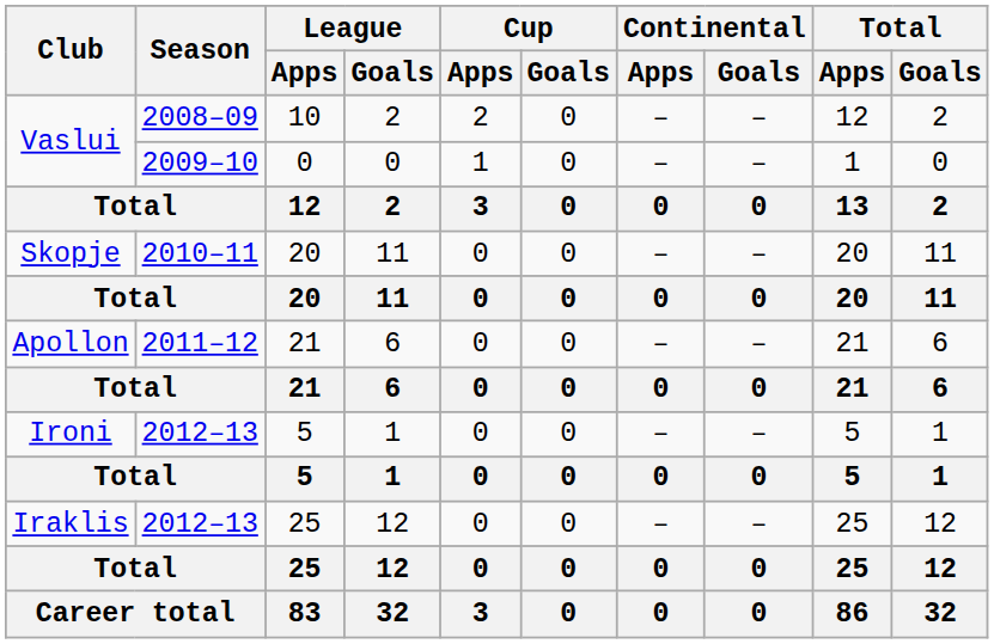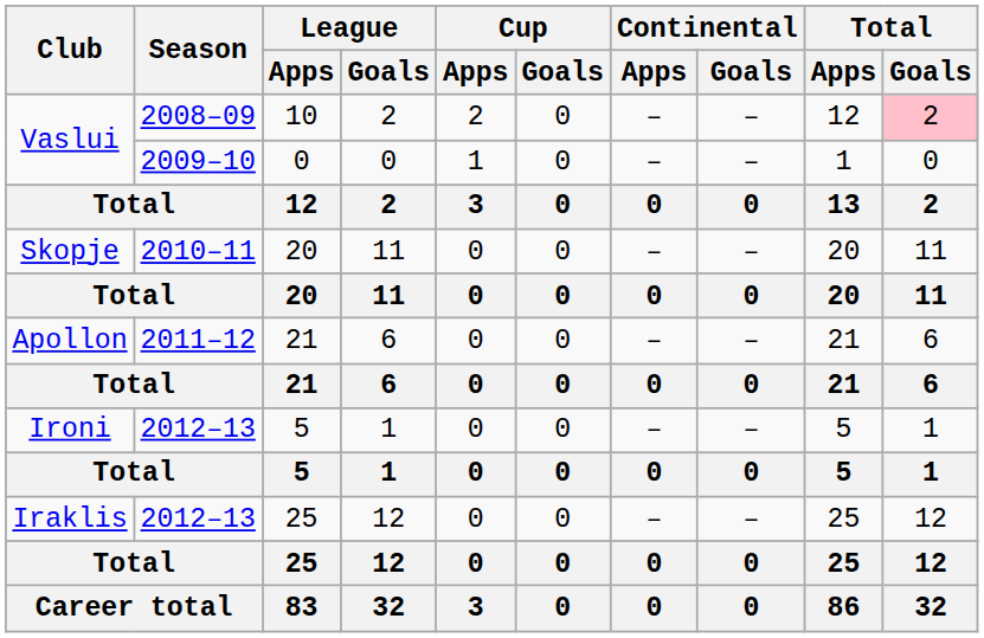 <table class="wikitable" style="text-align:center">
 <tr>
 <th rowspan=2>Club</th>
 <th rowspan=2>Season</th>
 <th colspan=2>League</th>
 <th colspan=2>Cup</th>
 <th colspan=2>Continental</th>
 <th colspan=2>Total</th>
 </tr>
 <tr>
 <th>Apps</th>
 <th>Goals</th>
 <th>Apps</th>
 <th>Goals</th>
 <th>Apps</th>
 <th>Goals</th>
 <th>Apps</th>
 <th>Goals</th>
 </tr>
 <tr>
 <td rowspan=2 valign="center"><a href='#'>Vaslui</a></td>
 <td><a href='#'>2008–09</a></td>
 <td>10</td>
 <td>2</td>
 <td>2</td>
 <td>0</td>
 <td>–</td>
 <td>–</td>
 <td>12</td>
-<td>2</td>
+<td style="background: pink;">2</td>
 </tr>
 <tr>
 <td><a href='#'>2009–10</a></td>
 <td>0</td>
 <td>0</td>
 <td>1</td>
 <td>0</td>
 <td>–</td>
 <td>–</td>
 <td>1</td>
 <td>0</td>
 </tr>
 <tr>
 <th colspan=2>Total</th>
 <th>12</th>
 <th>2</th>
 <th>3</th>
 <th>0</th>
 <th>0</th>
 <th>0</th>
 <th>13</th>
 <th>2</th>
 </tr>
 <tr>
 <td rowspan= valign="center"><a href='#'>Skopje</a></td>
 <td><a href='#'>2010–11</a></td>
 <td>20</td>
 <td>11</td>
 <td>0</td>
 <td>0</td>
 <td>–</td>
 <td>–</td>
 <td>20</td>
 <td>11</td>
 </tr>
 <tr>
 <th colspan=2>Total</th>
 <th>20</th>
 <th>11</th>
 <th>0</th>
 <th>0</th>
 <th>0</th>
 <th>0</th>
 <th>20</th>
 <th>11</th>
 </tr>
 <tr>
 <td rowspan= valign="center"><a href='#'>Apollon</a></td>
 <td><a href='#'>2011–12</a></td>
 <td>21</td>
 <td>6</td>
 <td>0</td>
 <td>0</td>
 <td>–</td>
 <td>–</td>
 <td>21</td>
 <td>6</td>
 </tr>
 <tr>
 <th colspan=2>Total</th>
 <th>21</th>
 <th>6</th>
 <th>0</th>
 <th>0</th>
 <th>0</th>
 <th>0</th>
 <th>21</th>
 <th>6</th>
 </tr>
 <tr>
 <td rowspan= valign="center"><a href='#'>Ironi</a></td>
 <td><a href='#'>2012–13</a></td>
 <td>5</td>
 <td>1</td>
 <td>0</td>
 <td>0</td>
 <td>–</td>
 <td>–</td>
 <td>5</td>
 <td>1</td>
 </tr>
 <tr>
 <th colspan=2>Total</th>
 <th>5</th>
 <th>1</th>
 <th>0</th>
 <th>0</th>
 <th>0</th>
 <th>0</th>
 <th>5</th>
 <th>1</th>
 </tr>
 <tr>
 <td rowspan= valign="center"><a href='#'>Iraklis</a></td>
 <td><a href='#'>2012–13</a></td>
 <td>25</td>
 <td>12</td>
 <td>0</td>
 <td>0</td>
 <td>–</td>
 <td>–</td>
 <td>25</td>
 <td>12</td>
 </tr>
 <tr>
 <th colspan=2>Total</th>
 <th>25</th>
 <th>12</th>
 <th>0</th>
 <th>0</th>
 <th>0</th>
 <th>0</th>
 <th>25</th>
 <th>12</th>
 </tr>
 <tr>
 <th colspan=2>Career total</th>
 <th>83</th>
 <th>32</th>
 <th>3</th>
 <th>0</th>
 <th>0</th>
 <th>0</th>
 <th>86</th>
 <th>32</th>
 </tr>
 </table>
